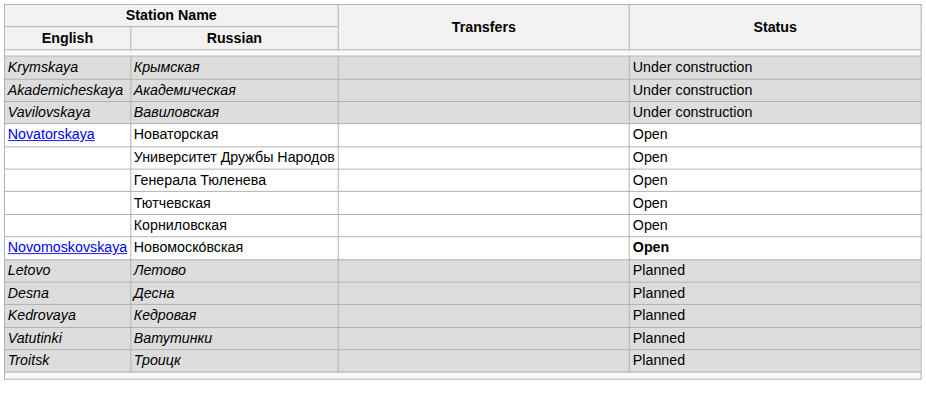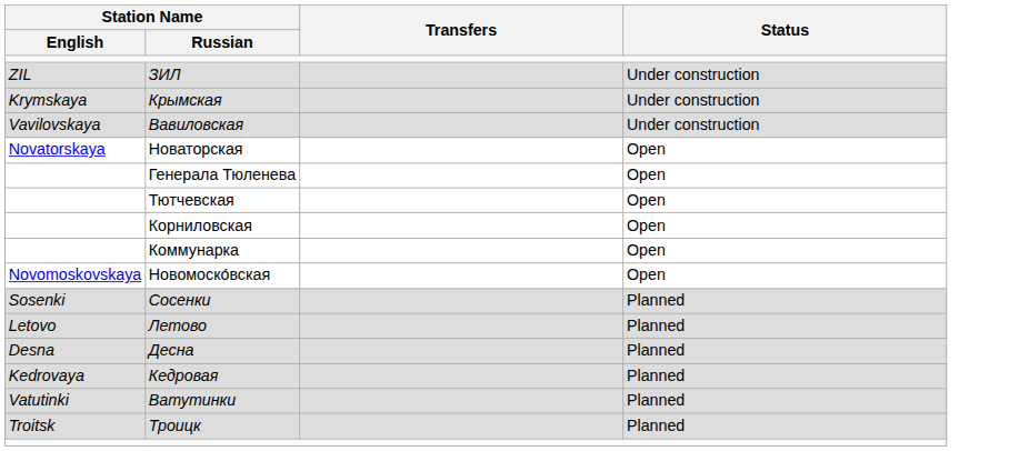 <table class="wikitable">
 <tr>
 <th colspan="2" style="min-width: 165px;">Station Name</th>
 <th rowspan="2" style="min-width: 320px;">Transfers</th>
 <th rowspan="2" style="min-width: 320px;">Status</th>
 </tr>
 <tr>
 <th>English</th>
 <th>Russian</th>
 </tr>
 <tr style="background: #">
 <td colspan="4"></td>
 </tr>
 <tr bgcolor="#ddd">
-<td><em>Krymskaya</em></td>
-<td><em>Крымская</em></td>
-<td></td>
+<td><em>ZIL</em></td>
+<td><em>ЗИЛ</em></td>
+<td><br></td>
 <td>Under construction</td>
 </tr>
 <tr bgcolor="#ddd">
-<td><em>Akademicheskaya</em></td>
-<td><em>Академическая</em></td>
+<td><em>Krymskaya</em></td>
+<td><em>Крымская</em></td>
 <td></td>
 <td>Under construction</td>
 </tr>
 <tr bgcolor="#ddd">
 <td><em>Vavilovskaya</em></td>
 <td><em>Вавиловская</em></td>
 <td></td>
 <td>Under construction</td>
 </tr>
 <tr bgcolor="#fff">
 <td><a href='#'>Novatorskaya</a></td>
 <td>Новаторcкая</td>
-<td></td>
-<td>Open</td>
-</tr>
-<tr bgcolor="#fff">
-<td></td>
-<td>Университет Дружбы Народов</td>
 <td></td>
 <td>Open</td>
 </tr>
 <tr bgcolor="#fff">
 <td></td>
 <td>Генерала Тюленева</td>
 <td></td>
 <td>Open</td>
 </tr>
 <tr bgcolor="#fff">
 <td></td>
 <td>Тютчевская</td>
 <td></td>
 <td>Open</td>
 </tr>
 <tr bgcolor="#fff">
 <td></td>
 <td>Корниловская</td>
 <td></td>
 <td>Open</td>
 </tr>
 <tr bgcolor="#fff">
+<td></td>
+<td>Коммунарка</td>
+<td></td>
+<td>Open</td>
+</tr>
+<tr bgcolor="#fff">
 <td><a href='#'>Novomoskovskaya</a></td>
 <td>Новомоско́вская</td>
 <td></td>
-<td><strong>Open</strong></td>
+<td>Open</td>
+</tr>
+<tr bgcolor="#ddd">
+<td><em>Sosenki</em></td>
+<td><em>Сосенки</em></td>
+<td></td>
+<td>Planned</td>
 </tr>
 <tr bgcolor="#ddd">
 <td><em>Letovo</em></td>
 <td><em>Летово</em></td>
 <td></td>
 <td>Planned</td>
 </tr>
 <tr bgcolor="#ddd">
 <td><em>Desna</em></td>
 <td><em>Десна</em></td>
 <td></td>
 <td>Planned</td>
 </tr>
 <tr bgcolor="#ddd">
 <td><em>Kedrovaya</em></td>
 <td><em>Кедровая</em></td>
 <td></td>
 <td>Planned</td>
 </tr>
 <tr bgcolor="#ddd">
 <td><em>Vatutinki</em></td>
 <td><em>Ватутинки</em></td>
 <td></td>
 <td>Planned</td>
 </tr>
 <tr bgcolor="#ddd">
 <td><em>Troitsk</em></td>
 <td><em>Троицк</em></td>
 <td></td>
 <td>Planned</td>
 </tr>
 <tr style="background: #">
 <td colspan="4"></td>
 </tr>
 </table>
